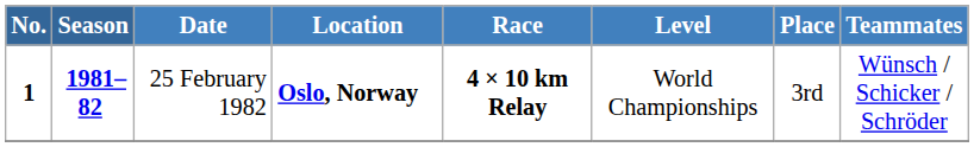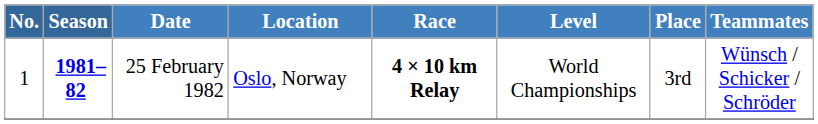 <table class="wikitable sortable" style="font-size:95%; text-align:center; border:grey solid 1px; border-collapse:collapse; background:#ffffff;">
 <tr style="background:#efefef;">
 <th style="background-color:#369; color:white;">No.</th>
 <th style="background-color:#369; color:white;">Season</th>
 <th style="background-color:#4180be; color:white; width:120px;">Date</th>
 <th style="background-color:#4180be; color:white; width:170px;">Location</th>
 <th style="background-color:#4180be; color:white; width:160px;">Race</th>
 <th style="background-color:#4180be; color:white; width:130px;">Level</th>
 <th style="background-color:#4180be; color:white;">Place</th>
 <th style="background-color:#4180be; color:white;">Teammates</th>
 </tr>
 <tr>
-<td align=center><strong>1</strong></td>
+<td align=center>1</td>
 <td rowspan=1 align=center><strong> <a href='#'>1981–82</a> </strong></td>
 <td align=right>25 February 1982</td>
-<td align=left><strong> <a href='#'>Oslo</a>, Norway</strong></td>
+<td align=left> <a href='#'>Oslo</a>, Norway</td>
 <td><strong>4 × 10 km Relay</strong></td>
 <td>World Championships</td>
 <td>3rd</td>
 <td><a href='#'>Wünsch</a> / <a href='#'>Schicker</a> / <a href='#'>Schröder</a></td>
 </tr>
 <tr>
 </tr>
 </table>
